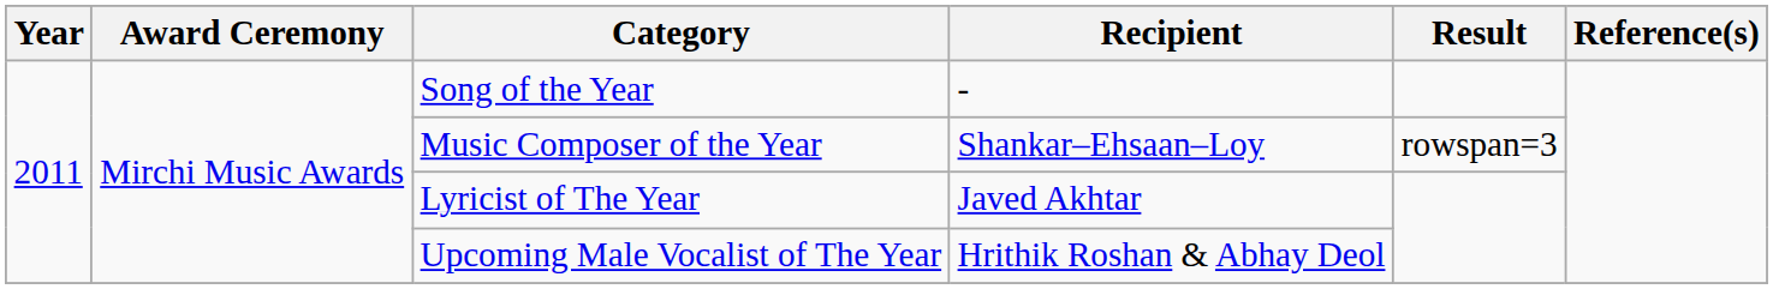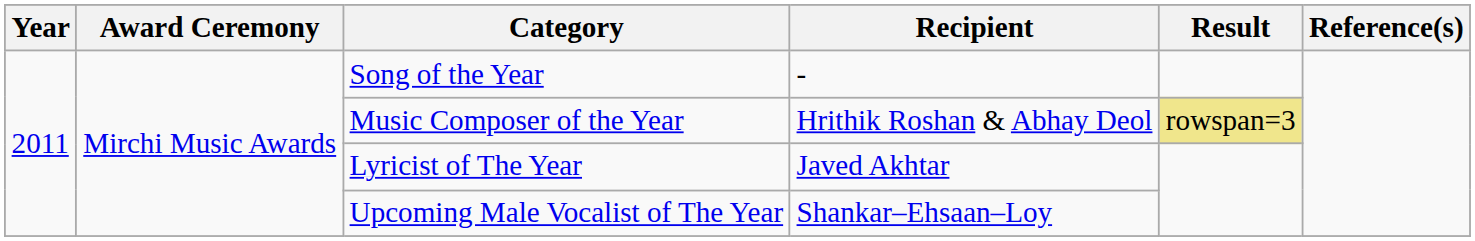 <table class="wikitable">
 <tr>
 <th>Year</th>
 <th>Award Ceremony</th>
 <th>Category</th>
 <th>Recipient</th>
 <th>Result</th>
 <th>Reference(s)</th>
 </tr>
 <tr>
 <td rowspan="4"><a href='#'>2011</a></td>
 <td rowspan="4"><a href='#'>Mirchi Music Awards</a></td>
 <td><a href='#'>Song of the Year</a></td>
 <td>-</td>
 <td></td>
 <td rowspan="4"></td>
 </tr>
 <tr>
 <td><a href='#'>Music Composer of the Year</a></td>
-<td><a href='#'>Shankar–Ehsaan–Loy</a></td>
-<td>rowspan=3 </td>
+<td><a href='#'>Hrithik Roshan</a> & <a href='#'>Abhay Deol</a></td>
+<td style="background: khaki;">rowspan=3 </td>
 </tr>
 <tr>
 <td><a href='#'>Lyricist of The Year</a></td>
 <td><a href='#'>Javed Akhtar</a></td>
 </tr>
 <tr>
 <td><a href='#'>Upcoming Male Vocalist of The Year</a></td>
-<td><a href='#'>Hrithik Roshan</a> & <a href='#'>Abhay Deol</a></td>
+<td><a href='#'>Shankar–Ehsaan–Loy</a></td>
 </tr>
 </table>
